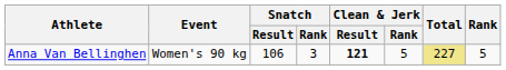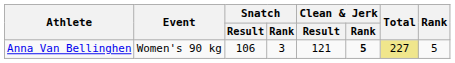 <table class="wikitable" style="font-size:90%">
 <tr>
 <th rowspan="2">Athlete</th>
 <th rowspan="2">Event</th>
 <th colspan="2">Snatch</th>
 <th colspan="2">Clean & Jerk</th>
 <th rowspan="2">Total</th>
 <th rowspan="2">Rank</th>
 </tr>
 <tr style="font-size:95%">
 <th>Result</th>
 <th>Rank</th>
 <th>Result</th>
 <th>Rank</th>
 </tr>
 <tr align=center>
 <td align=left><a href='#'>Anna Van Bellinghen</a></td>
 <td align=left>Women's 90 kg</td>
 <td>106</td>
 <td>3</td>
-<td><strong>121</strong></td>
-<td>5</td>
+<td>121</td>
+<td><strong>5</strong></td>
 <td style="background: khaki;">227</td>
 <td>5</td>
 </tr>
 </table>
